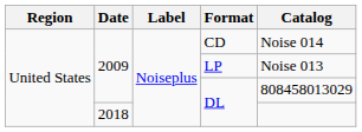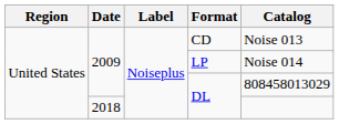 <table class="wikitable">
 <tr>
 <th>Region</th>
 <th>Date</th>
 <th>Label</th>
 <th>Format</th>
 <th>Catalog</th>
 </tr>
 <tr>
 <td rowspan="4">United States</td>
 <td rowspan="3">2009</td>
 <td rowspan="4"><a href='#'>Noiseplus</a></td>
 <td>CD</td>
-<td>Noise 014</td>
+<td>Noise 013</td>
 </tr>
 <tr>
 <td><a href='#'>LP</a></td>
-<td>Noise 013</td>
+<td>Noise 014</td>
 </tr>
 <tr>
 <td rowspan="2"><a href='#'>DL</a></td>
 <td>808458013029</td>
 </tr>
 <tr>
 <td>2018</td>
 <td></td>
 </tr>
 </table>
